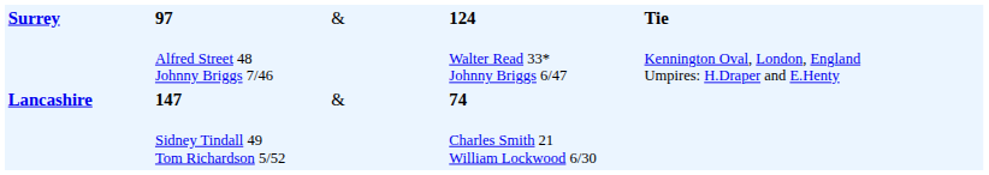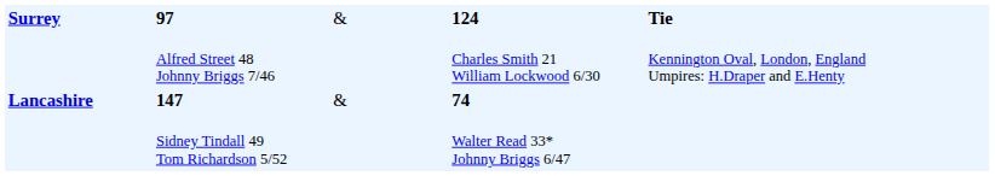 <table width="100%" style="background: #EBF5FF">
 <tr>
 <td width="15%" valign="top" rowspan="2"><strong><a href='#'>Surrey</a></strong></td>
 <td width="18%"><strong>97</strong></td>
 <td width="12%">&</td>
 <td width="20%"><strong>124</strong></td>
 <td width="35%"><strong>Tie</strong></td>
 </tr>
 <tr>
 <td style="font-size: 85%;" valign="top"><br><a href='#'>Alfred Street</a> 48<br> <a href='#'>Johnny Briggs</a> 7/46</td>
 <td></td>
-<td style="font-size: 85%;"><br><a href='#'>Walter Read</a> 33*<br> <a href='#'>Johnny Briggs</a> 6/47</td>
+<td valign="top" style="font-size: 85%;"><br><a href='#'>Charles Smith</a> 21<br> <a href='#'>William Lockwood</a> 6/30</td>
 <td valign="top" style="font-size: 85%;" rowspan="3"><br><a href='#'>Kennington Oval</a>, <a href='#'>London</a>, <a href='#'>England</a><br> Umpires: <a href='#'>H.Draper</a> and <a href='#'>E.Henty</a></td>
 </tr>
 <tr>
 <td valign="top" rowspan="2"><strong><a href='#'>Lancashire</a></strong></td>
 <td><strong>147</strong></td>
 <td>&</td>
 <td><strong>74</strong></td>
 </tr>
 <tr>
 <td style="font-size: 85%;"><br><a href='#'>Sidney Tindall</a> 49<br> <a href='#'>Tom Richardson</a> 5/52</td>
 <td></td>
-<td valign="top" style="font-size: 85%;"><br><a href='#'>Charles Smith</a> 21<br> <a href='#'>William Lockwood</a> 6/30</td>
+<td style="font-size: 85%;"><br><a href='#'>Walter Read</a> 33*<br> <a href='#'>Johnny Briggs</a> 6/47</td>
 </tr>
 </table>
